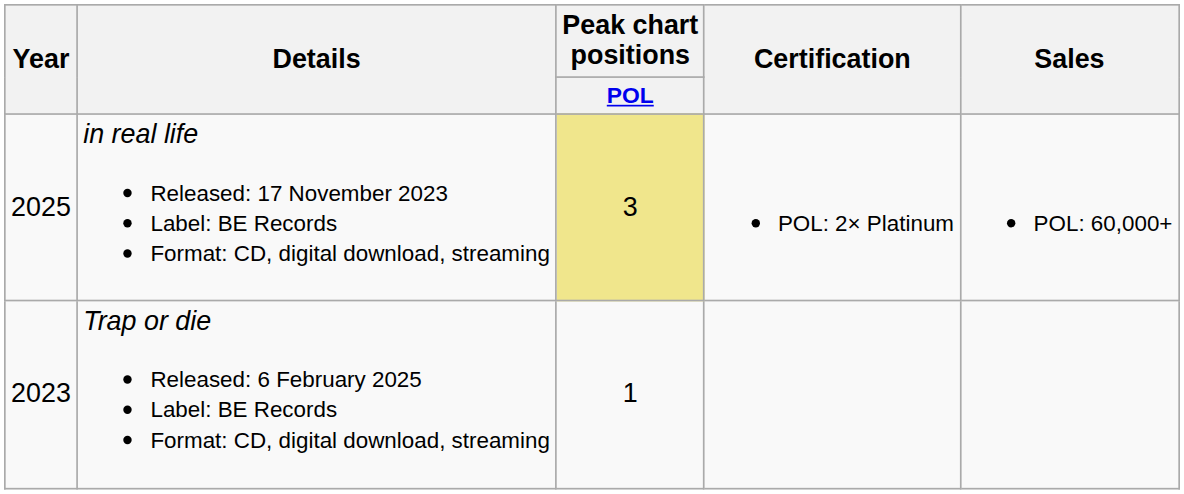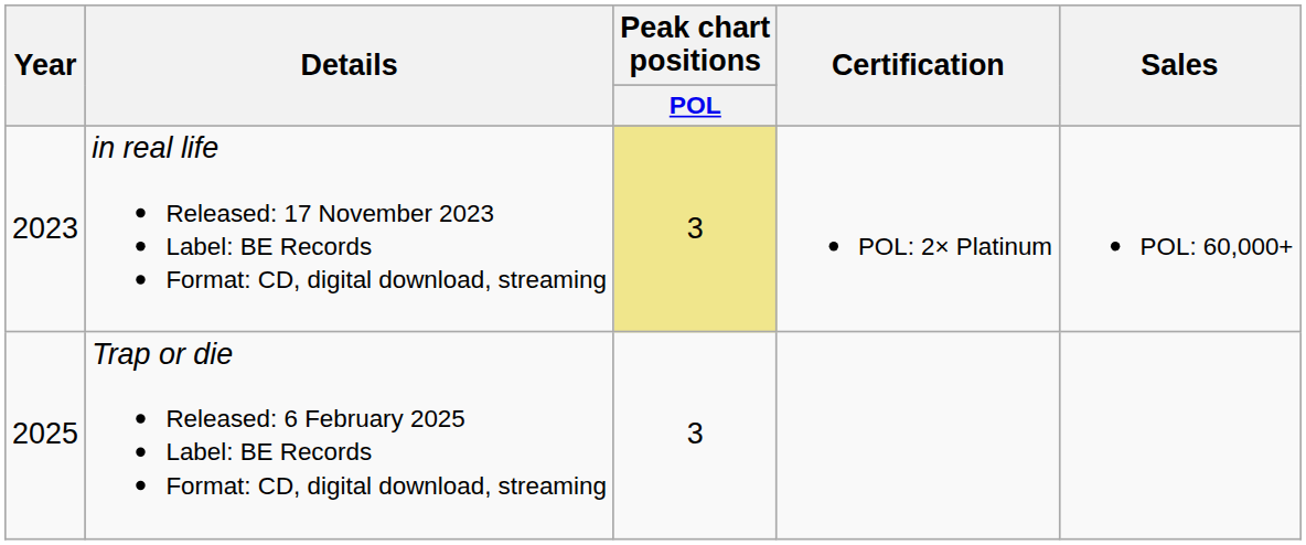 <table class="wikitable" style="text-align:center;">
 <tr>
 <th rowspan="2">Year</th>
 <th rowspan="2">Details</th>
 <th>Peak chart<br>positions</th>
 <th rowspan="2">Certification</th>
 <th rowspan="2">Sales</th>
 </tr>
 <tr>
 <th style="font-size:85%;"><a href='#'>POL</a><br></th>
 </tr>
 <tr>
-<td>2025</td>
+<td>2023</td>
 <td align="left"><em>in real life</em><br><ul><li><small>Released: 17 November 2023</small></li><li><small>Label: BE Records</small></li><li><small>Format: CD, digital download, streaming</small></li></ul></td>
 <td style="background: khaki;">3</td>
 <td align="left"><br><ul><li><small>POL: 2× Platinum</small></li></ul></td>
 <td align="left"><br><ul><li><small>POL: 60,000+</small></li></ul></td>
 </tr>
 <tr>
-<td>2023</td>
+<td>2025</td>
 <td align="left"><em>Trap or die</em><br><ul><li><small>Released: 6 February 2025</small></li><li><small>Label: BE Records</small></li><li><small>Format: CD, digital download, streaming</small></li></ul></td>
-<td>1</td>
+<td>3</td>
 <td align="left"></td>
 <td align="left"></td>
 </tr>
 </table>
